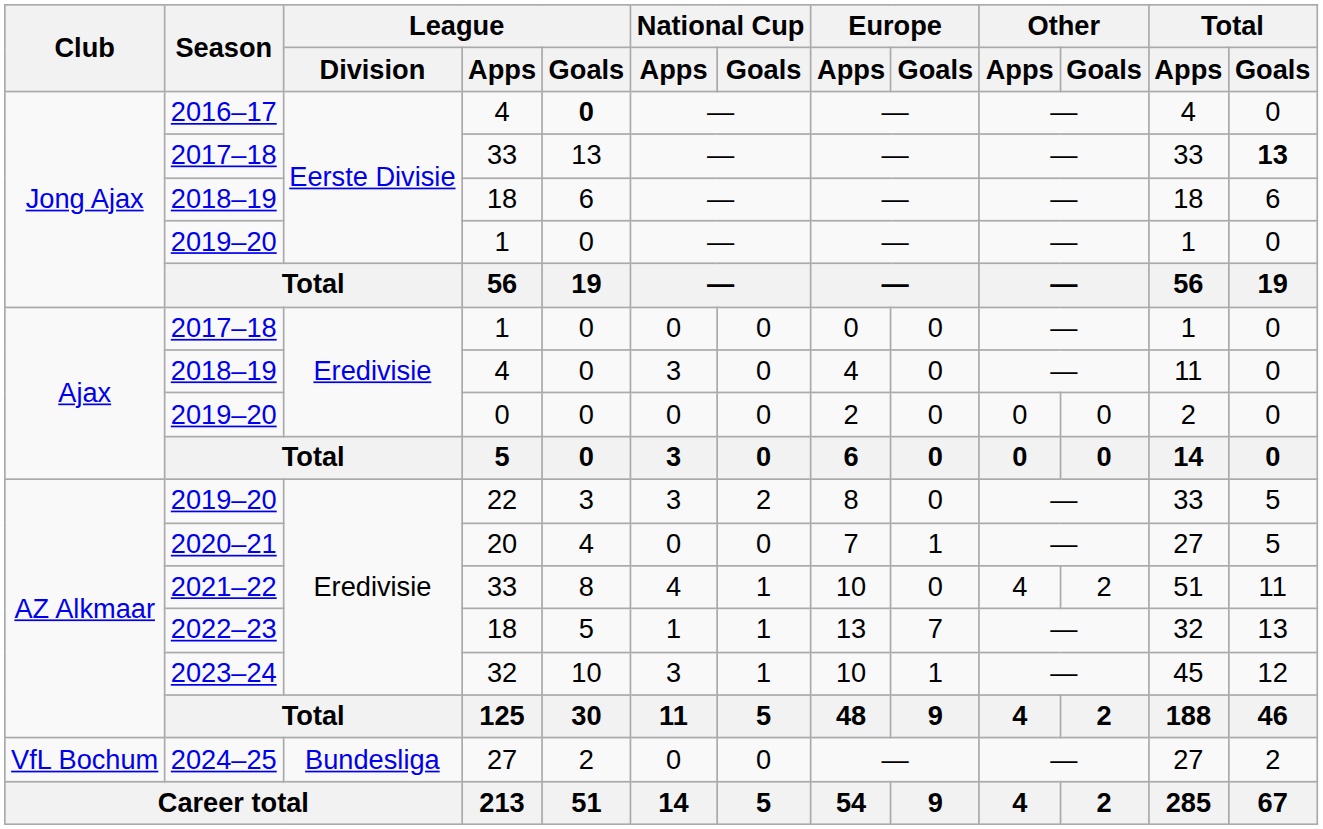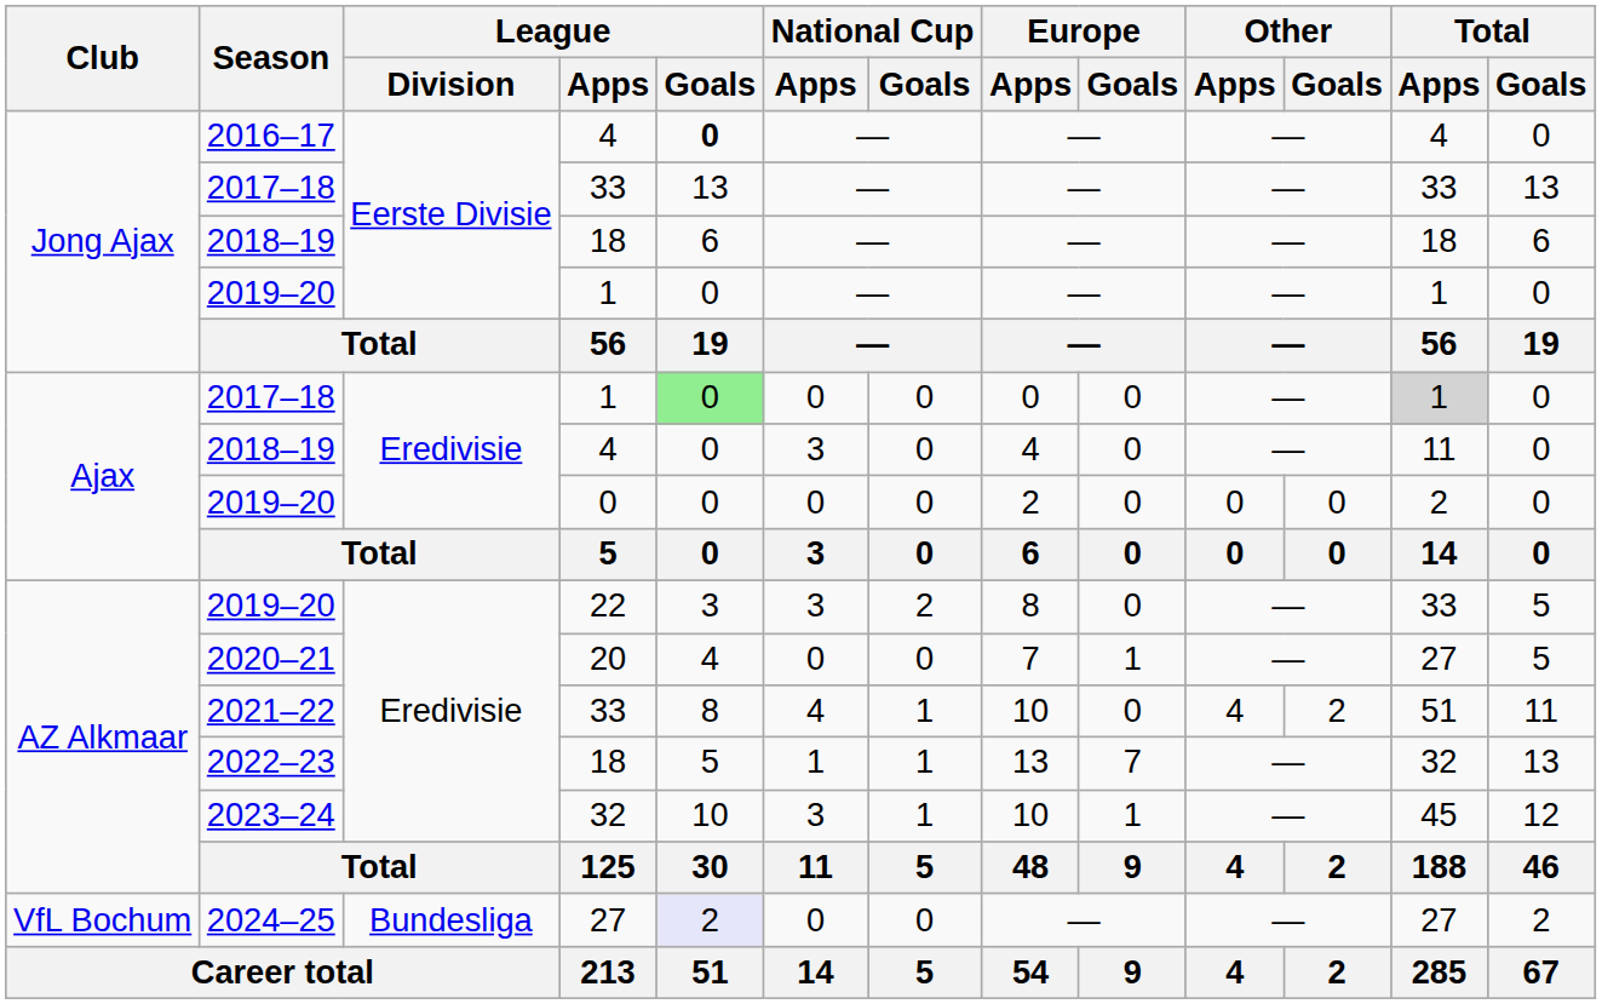 <table class="wikitable" style="text-align:center">
 <tr>
 <th rowspan="2">Club</th>
 <th rowspan="2">Season</th>
 <th colspan="3">League</th>
 <th colspan="2">National Cup</th>
 <th colspan="2">Europe</th>
 <th colspan="2">Other</th>
 <th colspan="2">Total</th>
 </tr>
 <tr>
 <th>Division</th>
 <th>Apps</th>
 <th>Goals</th>
 <th>Apps</th>
 <th>Goals</th>
 <th>Apps</th>
 <th>Goals</th>
 <th>Apps</th>
 <th>Goals</th>
 <th>Apps</th>
 <th>Goals</th>
 </tr>
 <tr>
 <td rowspan="5"><a href='#'>Jong Ajax</a></td>
 <td><a href='#'>2016–17</a></td>
 <td rowspan="4"><a href='#'>Eerste Divisie</a></td>
 <td>4</td>
 <td><strong>0</strong></td>
 <td colspan="2">—</td>
 <td colspan="2">—</td>
 <td colspan="2">—</td>
 <td>4</td>
 <td>0</td>
 </tr>
 <tr>
 <td><a href='#'>2017–18</a></td>
 <td>33</td>
 <td>13</td>
 <td colspan="2">—</td>
 <td colspan="2">—</td>
 <td colspan="2">—</td>
 <td>33</td>
-<td><strong>13</strong></td>
+<td>13</td>
 </tr>
 <tr>
 <td><a href='#'>2018–19</a></td>
 <td>18</td>
 <td>6</td>
 <td colspan="2">—</td>
 <td colspan="2">—</td>
 <td colspan="2">—</td>
 <td>18</td>
 <td>6</td>
 </tr>
 <tr>
 <td><a href='#'>2019–20</a></td>
 <td>1</td>
 <td>0</td>
 <td colspan="2">—</td>
 <td colspan="2">—</td>
 <td colspan="2">—</td>
 <td>1</td>
 <td>0</td>
 </tr>
 <tr>
 <th colspan="2">Total</th>
 <th>56</th>
 <th>19</th>
 <th colspan="2">—</th>
 <th colspan="2">—</th>
 <th colspan="2">—</th>
 <th>56</th>
 <th>19</th>
 </tr>
 <tr>
 <td rowspan="4"><a href='#'>Ajax</a></td>
 <td><a href='#'>2017–18</a></td>
 <td rowspan="3"><a href='#'>Eredivisie</a></td>
 <td>1</td>
-<td>0</td>
+<td style="background: lightgreen;">0</td>
 <td>0</td>
 <td>0</td>
 <td>0</td>
 <td>0</td>
 <td colspan="2">—</td>
-<td>1</td>
+<td style="background: lightgrey;">1</td>
 <td>0</td>
 </tr>
 <tr>
 <td><a href='#'>2018–19</a></td>
 <td>4</td>
 <td>0</td>
 <td>3</td>
 <td>0</td>
 <td>4</td>
 <td>0</td>
 <td colspan="2">—</td>
 <td>11</td>
 <td>0</td>
 </tr>
 <tr>
 <td><a href='#'>2019–20</a></td>
 <td>0</td>
 <td>0</td>
 <td>0</td>
 <td>0</td>
 <td>2</td>
 <td>0</td>
 <td>0</td>
 <td>0</td>
 <td>2</td>
 <td>0</td>
 </tr>
 <tr>
 <th colspan="2">Total</th>
 <th>5</th>
 <th>0</th>
 <th>3</th>
 <th>0</th>
 <th>6</th>
 <th>0</th>
 <th>0</th>
 <th>0</th>
 <th>14</th>
 <th>0</th>
 </tr>
 <tr>
 <td rowspan="6"><a href='#'>AZ Alkmaar</a></td>
 <td><a href='#'>2019–20</a></td>
 <td rowspan="5">Eredivisie</td>
 <td>22</td>
 <td>3</td>
 <td>3</td>
 <td>2</td>
 <td>8</td>
 <td>0</td>
 <td colspan="2">—</td>
 <td>33</td>
 <td>5</td>
 </tr>
 <tr>
 <td><a href='#'>2020–21</a></td>
 <td>20</td>
 <td>4</td>
 <td>0</td>
 <td>0</td>
 <td>7</td>
 <td>1</td>
 <td colspan="2">—</td>
 <td>27</td>
 <td>5</td>
 </tr>
 <tr>
 <td><a href='#'>2021–22</a></td>
 <td>33</td>
 <td>8</td>
 <td>4</td>
 <td>1</td>
 <td>10</td>
 <td>0</td>
 <td>4</td>
 <td>2</td>
 <td>51</td>
 <td>11</td>
 </tr>
 <tr>
 <td><a href='#'>2022–23</a></td>
 <td>18</td>
 <td>5</td>
 <td>1</td>
 <td>1</td>
 <td>13</td>
 <td>7</td>
 <td colspan="2">—</td>
 <td>32</td>
 <td>13</td>
 </tr>
 <tr>
 <td><a href='#'>2023–24</a></td>
 <td>32</td>
 <td>10</td>
 <td>3</td>
 <td>1</td>
 <td>10</td>
 <td>1</td>
 <td colspan="2">—</td>
 <td>45</td>
 <td>12</td>
 </tr>
 <tr>
 <th colspan="2">Total</th>
 <th>125</th>
 <th>30</th>
 <th>11</th>
 <th>5</th>
 <th>48</th>
 <th>9</th>
 <th>4</th>
 <th>2</th>
 <th>188</th>
 <th>46</th>
 </tr>
 <tr>
 <td><a href='#'>VfL Bochum</a></td>
 <td><a href='#'>2024–25</a></td>
 <td><a href='#'>Bundesliga</a></td>
 <td>27</td>
-<td>2</td>
+<td style="background: lavender;">2</td>
 <td>0</td>
 <td>0</td>
 <td colspan="2">—</td>
 <td colspan="2">—</td>
 <td>27</td>
 <td>2</td>
 </tr>
 <tr>
 <th colspan="3">Career total</th>
 <th>213</th>
 <th>51</th>
 <th>14</th>
 <th>5</th>
 <th>54</th>
 <th>9</th>
 <th>4</th>
 <th>2</th>
 <th>285</th>
 <th>67</th>
 </tr>
 </table>
